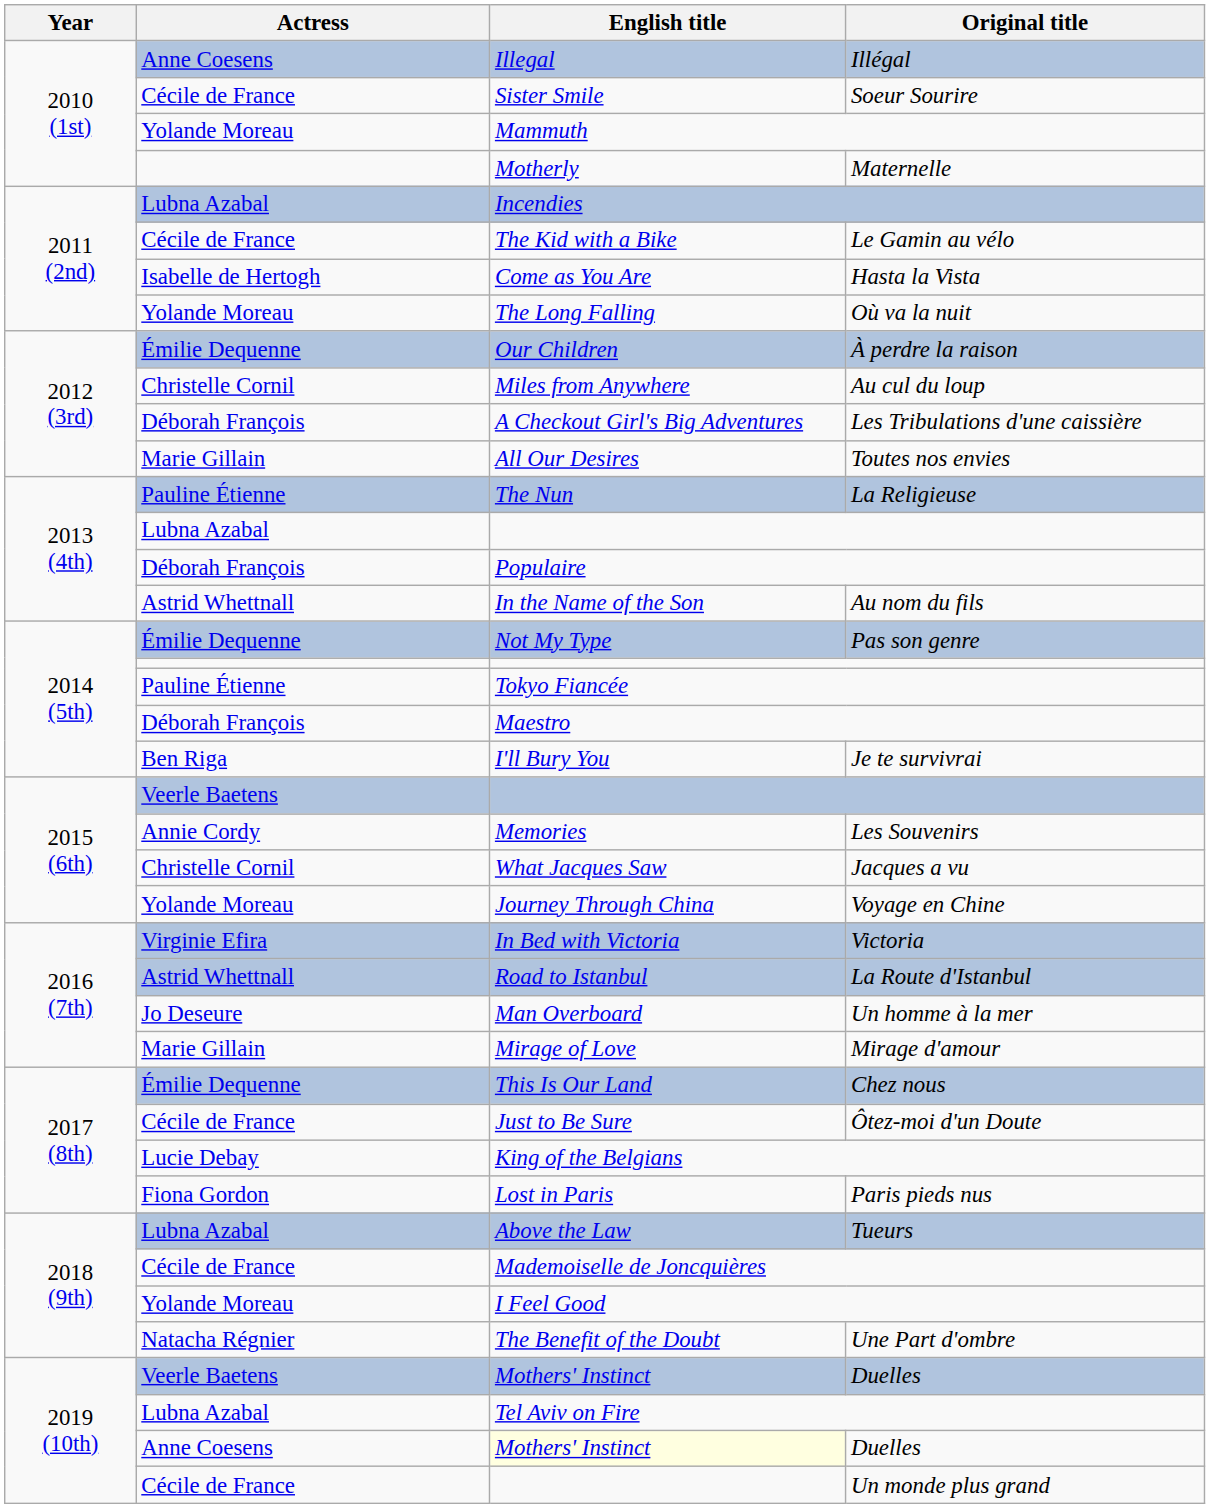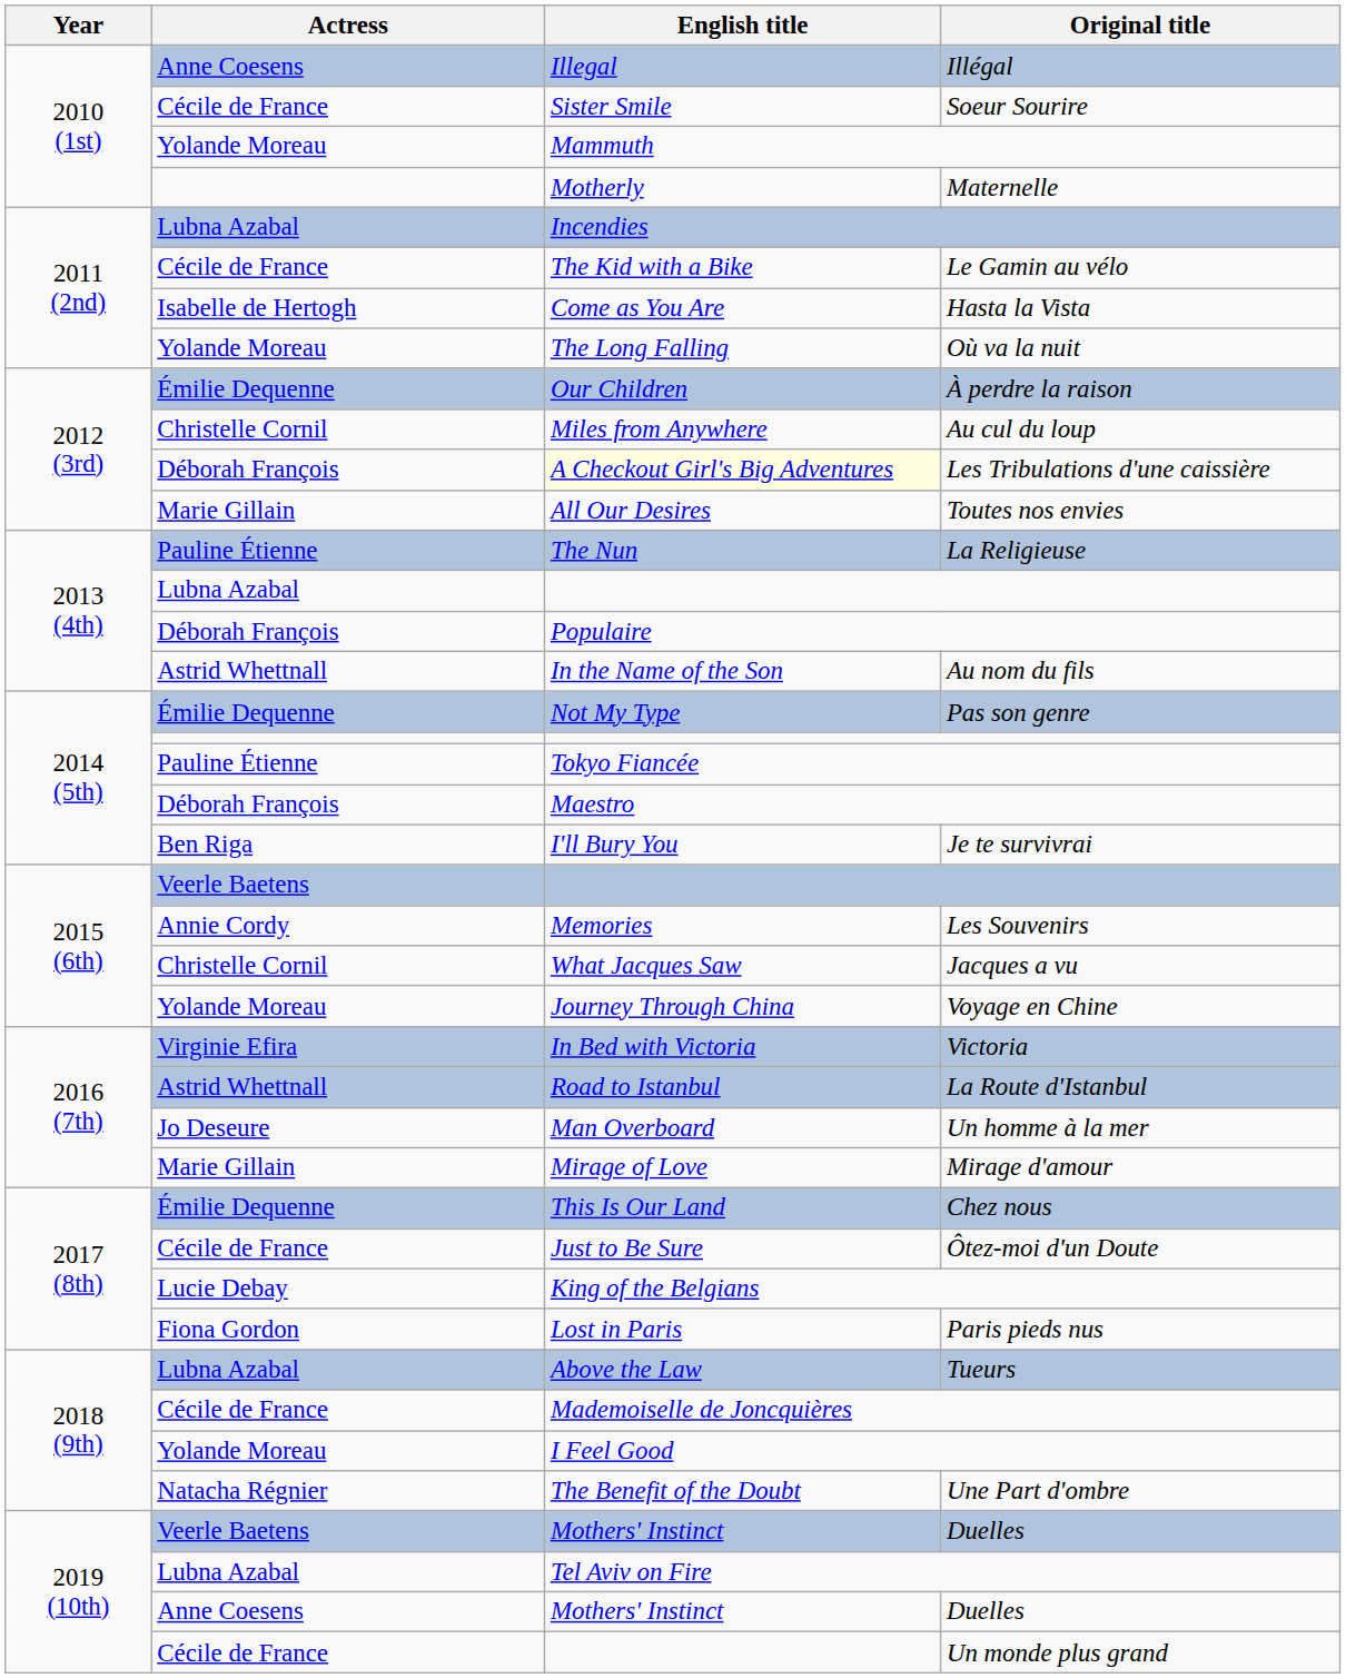 <table class="wikitable" width="95%" cellpadding="5">
 <tr>
 <th width="100"><strong>Year</strong></th>
 <th width="300"><strong>Actress</strong></th>
 <th width="300"><strong>English title</strong></th>
 <th width="300"><strong>Original title</strong></th>
 </tr>
 <tr>
 <td rowspan="4" style="text-align:center;">2010<br><a href='#'>(1st)</a></td>
 <td style="background:#B0C4DE;"><a href='#'>Anne Coesens</a></td>
 <td style="background:#B0C4DE;"><em><a href='#'>Illegal</a></em></td>
 <td style="background:#B0C4DE;"><em>Illégal</em></td>
 </tr>
 <tr>
 <td><a href='#'>Cécile de France</a></td>
 <td><em><a href='#'>Sister Smile</a></em></td>
 <td><em>Soeur Sourire</em></td>
 </tr>
 <tr>
 <td><a href='#'>Yolande Moreau</a></td>
 <td colspan="2"><em><a href='#'>Mammuth</a></em></td>
 </tr>
 <tr>
 <td></td>
 <td><em><a href='#'>Motherly</a></em></td>
 <td><em>Maternelle</em></td>
 </tr>
 <tr>
 <td rowspan="4" style="text-align:center;">2011<br><a href='#'>(2nd)</a></td>
 <td style="background:#B0C4DE;"><a href='#'>Lubna Azabal</a></td>
 <td style="background:#B0C4DE;" colspan="2"><em><a href='#'>Incendies</a></em></td>
 </tr>
 <tr>
 <td><a href='#'>Cécile de France</a></td>
 <td><em><a href='#'>The Kid with a Bike</a></em></td>
 <td><em>Le Gamin au vélo</em></td>
 </tr>
 <tr>
 <td><a href='#'>Isabelle de Hertogh</a></td>
 <td><em><a href='#'>Come as You Are</a></em></td>
 <td><em>Hasta la Vista</em></td>
 </tr>
 <tr>
 <td><a href='#'>Yolande Moreau</a></td>
 <td><em><a href='#'>The Long Falling</a></em></td>
 <td><em>Où va la nuit</em></td>
 </tr>
 <tr>
 <td rowspan="4" style="text-align:center;">2012<br><a href='#'>(3rd)</a></td>
 <td style="background:#B0C4DE;"><a href='#'>Émilie Dequenne</a></td>
 <td style="background:#B0C4DE;"><em><a href='#'>Our Children</a></em></td>
 <td style="background:#B0C4DE;"><em>À perdre la raison</em></td>
 </tr>
 <tr>
 <td><a href='#'>Christelle Cornil</a></td>
 <td><em><a href='#'>Miles from Anywhere</a></em></td>
 <td><em>Au cul du loup</em></td>
 </tr>
 <tr>
 <td><a href='#'>Déborah François</a></td>
-<td><em><a href='#'>A Checkout Girl's Big Adventures</a></em></td>
+<td style="background: lightyellow;"><em><a href='#'>A Checkout Girl's Big Adventures</a></em></td>
 <td><em>Les Tribulations d'une caissière</em></td>
 </tr>
 <tr>
 <td><a href='#'>Marie Gillain</a></td>
 <td><em><a href='#'>All Our Desires</a></em></td>
 <td><em>Toutes nos envies</em></td>
 </tr>
 <tr>
 <td rowspan="4" style="text-align:center;">2013<br><a href='#'>(4th)</a></td>
 <td style="background:#B0C4DE;"><a href='#'>Pauline Étienne</a></td>
 <td style="background:#B0C4DE;"><em><a href='#'>The Nun</a></em></td>
 <td style="background:#B0C4DE;"><em>La Religieuse</em></td>
 </tr>
 <tr>
 <td><a href='#'>Lubna Azabal</a></td>
 <td colspan="2"><em></em></td>
 </tr>
 <tr>
 <td><a href='#'>Déborah François</a></td>
 <td colspan="2"><em><a href='#'>Populaire</a></em></td>
 </tr>
 <tr>
 <td><a href='#'>Astrid Whettnall</a></td>
 <td><em><a href='#'>In the Name of the Son</a></em></td>
 <td><em>Au nom du fils</em></td>
 </tr>
 <tr>
 <td rowspan="5" style="text-align:center;">2014<br><a href='#'>(5th)</a></td>
 <td style="background:#B0C4DE;"><a href='#'>Émilie Dequenne</a></td>
 <td style="background:#B0C4DE;"><em><a href='#'>Not My Type</a></em></td>
 <td style="background:#B0C4DE;"><em>Pas son genre</em></td>
 </tr>
 <tr>
 <td></td>
 <td colspan="2"><em></em></td>
 </tr>
 <tr>
 <td><a href='#'>Pauline Étienne</a></td>
 <td colspan="2"><em><a href='#'>Tokyo Fiancée</a></em></td>
 </tr>
 <tr>
 <td><a href='#'>Déborah François</a></td>
 <td colspan="2"><em><a href='#'>Maestro</a></em></td>
 </tr>
 <tr>
 <td><a href='#'>Ben Riga</a></td>
 <td><em><a href='#'>I'll Bury You</a></em></td>
 <td><em>Je te survivrai</em></td>
 </tr>
 <tr>
 <td rowspan="4" style="text-align:center;">2015<br><a href='#'>(6th)</a></td>
 <td style="background:#B0C4DE;"><a href='#'>Veerle Baetens</a></td>
 <td style="background:#B0C4DE;" colspan="2"><em></em></td>
 </tr>
 <tr>
 <td><a href='#'>Annie Cordy</a></td>
 <td><em><a href='#'>Memories</a></em></td>
 <td><em>Les Souvenirs</em></td>
 </tr>
 <tr>
 <td><a href='#'>Christelle Cornil</a></td>
 <td><em><a href='#'>What Jacques Saw</a></em></td>
 <td><em>Jacques a vu</em></td>
 </tr>
 <tr>
 <td><a href='#'>Yolande Moreau</a></td>
 <td><em><a href='#'>Journey Through China</a></em></td>
 <td><em>Voyage en Chine</em></td>
 </tr>
 <tr>
 <td rowspan="4" style="text-align:center;">2016<br><a href='#'>(7th)</a></td>
 <td style="background:#B0C4DE;"><a href='#'>Virginie Efira</a></td>
 <td style="background:#B0C4DE;"><em><a href='#'>In Bed with Victoria</a></em></td>
 <td style="background:#B0C4DE;"><em>Victoria</em></td>
 </tr>
 <tr>
 <td style="background:#B0C4DE;"><a href='#'>Astrid Whettnall</a></td>
 <td style="background:#B0C4DE;"><em><a href='#'>Road to Istanbul</a></em></td>
 <td style="background:#B0C4DE;"><em>La Route d'Istanbul</em></td>
 </tr>
 <tr>
 <td><a href='#'>Jo Deseure</a></td>
 <td><em><a href='#'>Man Overboard</a></em></td>
 <td><em>Un homme à la mer</em></td>
 </tr>
 <tr>
 <td><a href='#'>Marie Gillain</a></td>
 <td><em><a href='#'>Mirage of Love</a></em></td>
 <td><em>Mirage d'amour</em></td>
 </tr>
 <tr>
 <td rowspan="4" style="text-align:center;">2017<br><a href='#'>(8th)</a></td>
 <td style="background:#B0C4DE;"><a href='#'>Émilie Dequenne</a></td>
 <td style="background:#B0C4DE;"><em><a href='#'>This Is Our Land</a></em></td>
 <td style="background:#B0C4DE;"><em>Chez nous</em></td>
 </tr>
 <tr>
 <td><a href='#'>Cécile de France</a></td>
 <td><em><a href='#'>Just to Be Sure</a></em></td>
 <td><em>Ôtez-moi d'un Doute</em></td>
 </tr>
 <tr>
 <td><a href='#'>Lucie Debay</a></td>
 <td colspan="2"><em><a href='#'>King of the Belgians</a></em></td>
 </tr>
 <tr>
 <td><a href='#'>Fiona Gordon</a></td>
 <td><em><a href='#'>Lost in Paris</a></em></td>
 <td><em>Paris pieds nus</em></td>
 </tr>
 <tr>
 <td rowspan="4" style="text-align:center;">2018<br><a href='#'>(9th)</a></td>
 <td style="background:#B0C4DE;"><a href='#'>Lubna Azabal</a></td>
 <td style="background:#B0C4DE;"><em><a href='#'>Above the Law</a></em></td>
 <td style="background:#B0C4DE;"><em>Tueurs</em></td>
 </tr>
 <tr>
 <td><a href='#'>Cécile de France</a></td>
 <td colspan="2"><em><a href='#'>Mademoiselle de Joncquières</a></em></td>
 </tr>
 <tr>
 <td><a href='#'>Yolande Moreau</a></td>
 <td colspan="2"><em><a href='#'>I Feel Good</a></em></td>
 </tr>
 <tr>
 <td><a href='#'>Natacha Régnier</a></td>
 <td><em><a href='#'>The Benefit of the Doubt</a></em></td>
 <td><em>Une Part d'ombre</em></td>
 </tr>
 <tr>
 <td rowspan="4" style="text-align:center;">2019<br><a href='#'>(10th)</a></td>
 <td style="background:#B0C4DE;"><a href='#'>Veerle Baetens</a></td>
 <td style="background:#B0C4DE;"><em><a href='#'>Mothers' Instinct</a></em></td>
 <td style="background:#B0C4DE;"><em>Duelles</em></td>
 </tr>
 <tr>
 <td><a href='#'>Lubna Azabal</a></td>
 <td colspan="2"><em><a href='#'>Tel Aviv on Fire</a></em></td>
 </tr>
 <tr>
 <td><a href='#'>Anne Coesens</a></td>
-<td style="background: lightyellow;"><em><a href='#'>Mothers' Instinct</a></em></td>
+<td><em><a href='#'>Mothers' Instinct</a></em></td>
 <td><em>Duelles</em></td>
 </tr>
 <tr>
 <td><a href='#'>Cécile de France</a></td>
 <td><em></em></td>
 <td><em>Un monde plus grand</em></td>
 </tr>
 </table>
